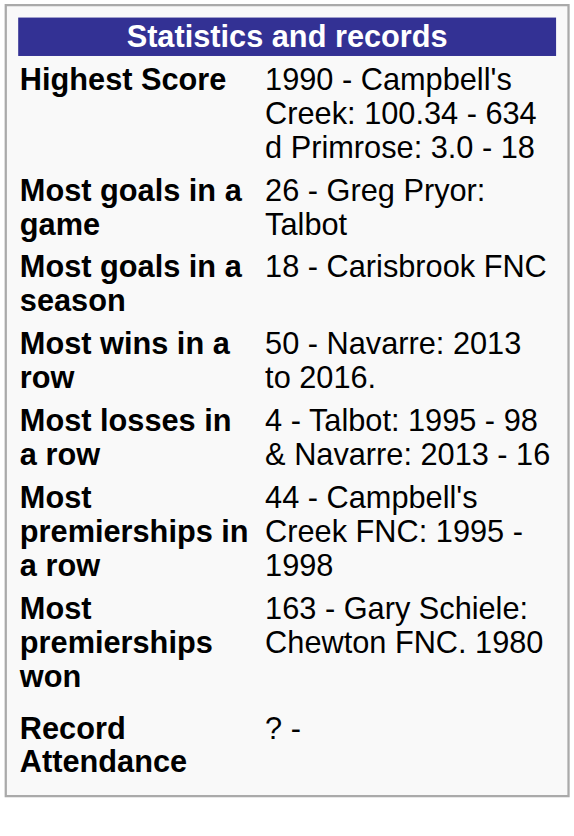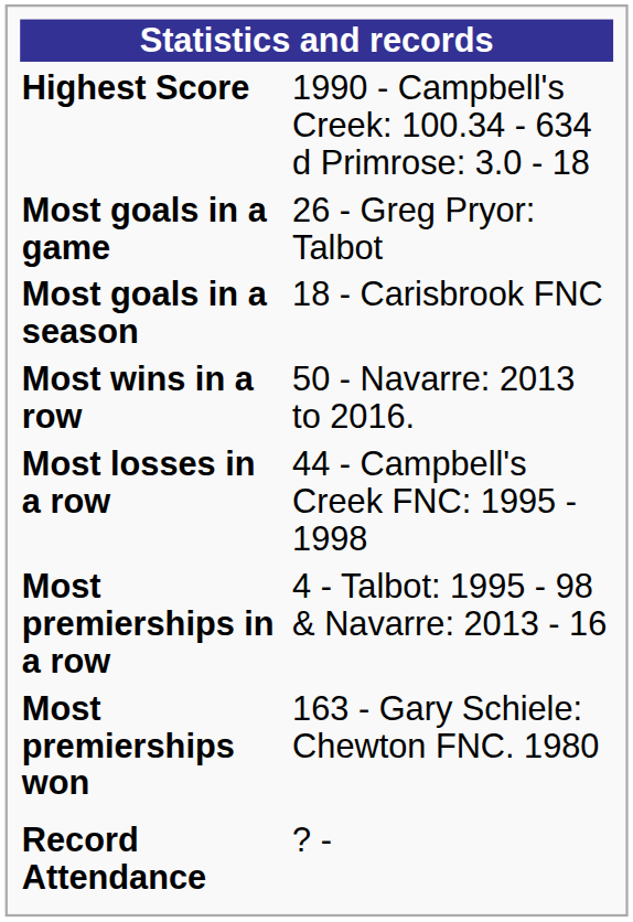 <table class="infobox" style="width:250px; font-size: 85%;">
 <tr>
 <th colspan="2" style="background:#333194; color:white; text-align:center;"><strong>Statistics and records</strong></th>
 </tr>
 <tr style="vertical-align: top;">
 <td><strong>Highest Score</strong></td>
 <td>1990 - Campbell's Creek: 100.34 - 634 d Primrose: 3.0 - 18</td>
 </tr>
 <tr>
 <td><strong>Most goals in a game</strong></td>
 <td>26 - Greg Pryor: Talbot</td>
 </tr>
 <tr>
 <td><strong>Most goals in a season</strong></td>
 <td>18 - Carisbrook FNC</td>
 </tr>
 <tr>
 <td><strong>Most wins in a row</strong></td>
 <td>50 - Navarre: 2013 to 2016.</td>
 </tr>
 <tr>
 <td><strong>Most losses in a row</strong></td>
-<td>4 - Talbot: 1995 - 98 &  Navarre: 2013 - 16</td>
+<td>44 - Campbell's Creek FNC: 1995 - 1998</td>
 </tr>
 <tr>
 <td><strong>Most premierships in a row</strong></td>
-<td>44 - Campbell's Creek FNC: 1995 - 1998</td>
+<td>4 - Talbot: 1995 - 98 &  Navarre: 2013 - 16</td>
 </tr>
 <tr>
 <td><strong>Most premierships won</strong></td>
 <td>163 - Gary Schiele: Chewton FNC. 1980</td>
 </tr>
 <tr style="vertical-align: top;"jnh>
 <td></td>
 </tr>
 <tr>
 <td><strong>Record Attendance</strong></td>
 <td>? -</td>
 </tr>
 <tr style="vertical-align: top;"jnh>
 </tr>
 </table>
